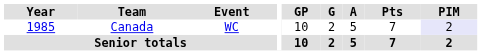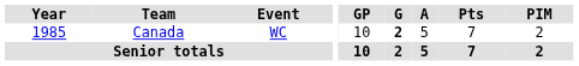 <table border="0" cellpadding="1" cellspacing="0" ID="Table3" style="text-align:center; width:40em">
 <tr bgcolor="#e0e0e0">
 <th>Year</th>
 <th>Team</th>
 <th>Event</th>
 <th rowspan="102" bgcolor="#ffffff"></th>
 <th>GP</th>
 <th>G</th>
 <th>A</th>
 <th>Pts</th>
 <th>PIM</th>
 </tr>
 <tr>
 <td><a href='#'>1985</a></td>
 <td><a href='#'>Canada</a></td>
 <td><a href='#'>WC</a></td>
 <td>10</td>
-<td>2</td>
+<td><strong>2</strong></td>
 <td>5</td>
 <td>7</td>
-<td style="background: lavender;">2</td>
+<td>2</td>
 </tr>
 <tr bgcolor="#e0e0e0">
 <th colspan="3">Senior totals</th>
 <th>10</th>
 <th>2</th>
 <th>5</th>
 <th>7</th>
 <th>2</th>
 </tr>
 </table>
